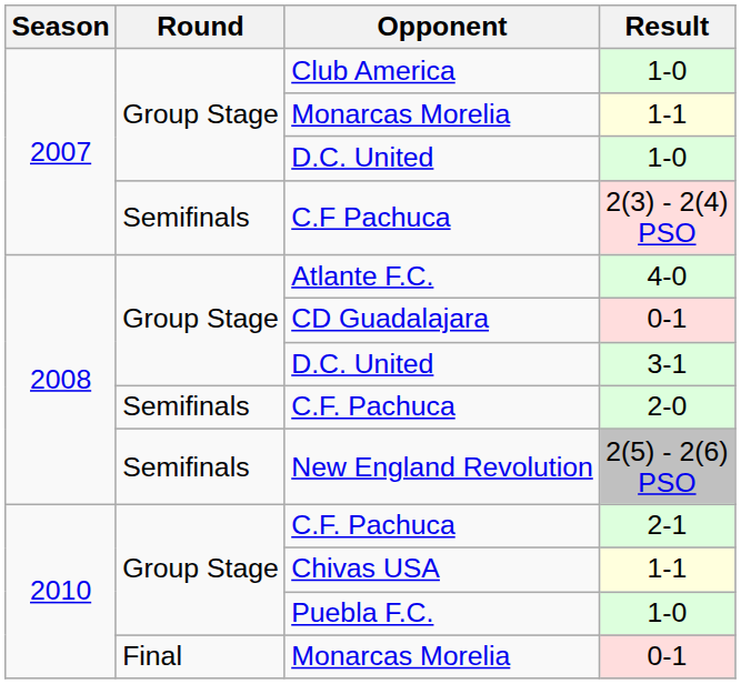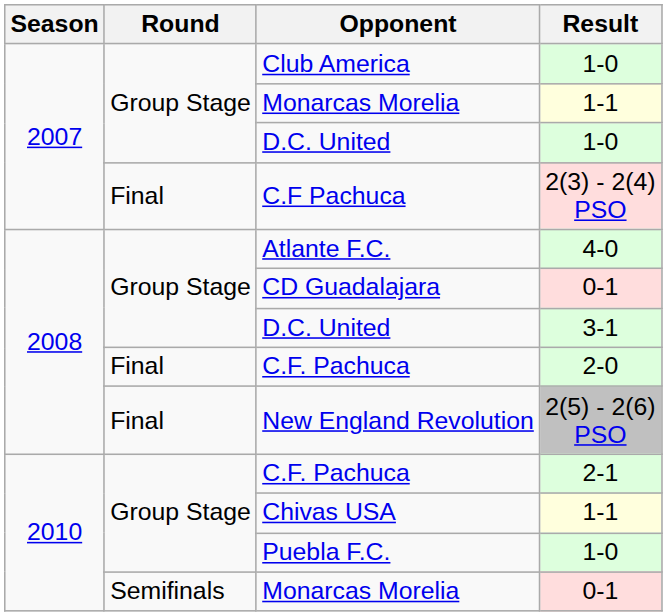 <table class="wikitable">
 <tr>
 <th>Season</th>
 <th>Round</th>
 <th>Opponent</th>
 <th>Result</th>
 </tr>
 <tr>
 <td rowspan="4" style="text-align:center;"><a href='#'>2007</a></td>
 <td rowspan="3">Group Stage</td>
 <td> <a href='#'>Club America</a></td>
 <td bgcolor="#ddffdd" style="text-align:center;">1-0</td>
 </tr>
 <tr>
 <td> <a href='#'>Monarcas Morelia</a></td>
 <td bgcolor="#ffffdd" style="text-align:center;">1-1</td>
 </tr>
 <tr>
 <td> <a href='#'>D.C. United</a></td>
 <td bgcolor="#ddffdd" style="text-align:center;">1-0</td>
 </tr>
 <tr>
-<td>Semifinals</td>
+<td>Final</td>
 <td> <a href='#'>C.F Pachuca</a></td>
 <td bgcolor="#ffdddd" style="text-align:center;">2(3) - 2(4)<br><a href='#'>PSO</a></td>
 </tr>
 <tr>
 <td rowspan="5" style="text-align:center;"><a href='#'>2008</a></td>
 <td rowspan="3">Group Stage</td>
 <td> <a href='#'>Atlante F.C.</a></td>
 <td bgcolor="#ddffdd" style="text-align:center;">4-0</td>
 </tr>
 <tr>
 <td> <a href='#'>CD Guadalajara</a></td>
 <td bgcolor="#ffdddd" style="text-align:center;">0-1</td>
 </tr>
 <tr>
 <td> <a href='#'>D.C. United</a></td>
 <td bgcolor="#ddffdd" style="text-align:center;">3-1</td>
 </tr>
 <tr>
-<td>Semifinals</td>
+<td>Final</td>
 <td> <a href='#'>C.F. Pachuca</a></td>
 <td bgcolor="#ddffdd" style="text-align:center;">2-0</td>
 </tr>
 <tr>
-<td>Semifinals</td>
+<td>Final</td>
 <td> <a href='#'>New England Revolution</a></td>
 <td bgcolor="#C0C0C0" style="text-align:center;">2(5) - 2(6)<br><a href='#'>PSO</a></td>
 </tr>
 <tr>
 <td rowspan="4" style="text-align:center;"><a href='#'>2010</a></td>
 <td rowspan="3">Group Stage</td>
 <td> <a href='#'>C.F. Pachuca</a></td>
 <td bgcolor="#ddffdd" style="text-align:center;">2-1</td>
 </tr>
 <tr>
 <td> <a href='#'>Chivas USA</a></td>
 <td bgcolor="#ffffdd" style="text-align:center;">1-1</td>
 </tr>
 <tr>
 <td> <a href='#'>Puebla F.C.</a></td>
 <td bgcolor="#ddffdd" style="text-align:center;">1-0</td>
 </tr>
 <tr>
-<td>Final</td>
+<td>Semifinals</td>
 <td> <a href='#'>Monarcas Morelia</a></td>
 <td bgcolor="#ffdddd" style="text-align:center;">0-1</td>
 </tr>
 </table>
